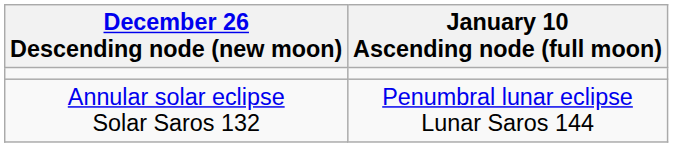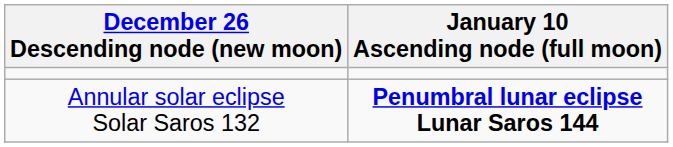 <table class="wikitable">
 <tr>
 <th><a href='#'>December 26</a><br>Descending node (new moon)<br></th>
 <th>January 10<br>Ascending node (full moon)<br></th>
 </tr>
 <tr>
 <td></td>
 <td></td>
 </tr>
 <tr align=center>
 <td><a href='#'>Annular solar eclipse</a><br>Solar Saros 132</td>
-<td><a href='#'>Penumbral lunar eclipse</a><br>Lunar Saros 144</td>
+<td><strong><a href='#'>Penumbral lunar eclipse</a><br>Lunar Saros 144</strong></td>
 </tr>
 </table>
